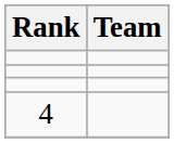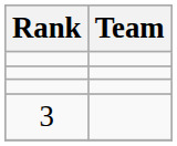 <table class="wikitable" border="1">
 <tr>
 <th>Rank</th>
 <th>Team</th>
 </tr>
 <tr>
 <td align=center></td>
 <td></td>
 </tr>
 <tr>
 <td align=center></td>
 <td></td>
 </tr>
 <tr>
 <td align=center></td>
 <td></td>
 </tr>
 <tr>
-<td align=center>4</td>
+<td align=center>3</td>
 <td></td>
 </tr>
 <tr>
 </tr>
 </table>
